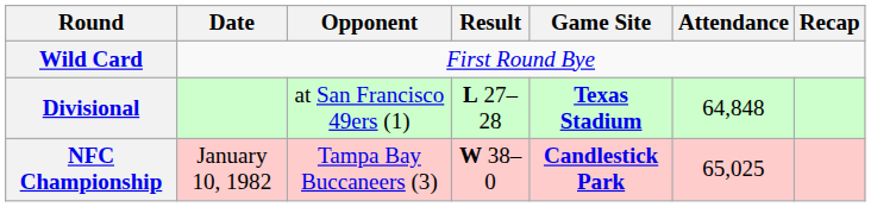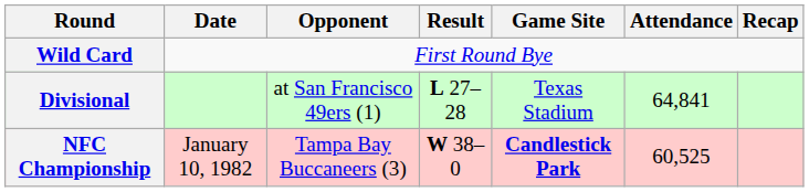 <table class="wikitable" style="text-align:center">
 <tr>
 <th>Round</th>
 <th>Date</th>
 <th>Opponent</th>
 <th>Result</th>
 <th>Game Site</th>
 <th>Attendance</th>
 <th>Recap</th>
 </tr>
 <tr>
 <th><a href='#'>Wild Card</a></th>
 <td colspan=7><em><a href='#'>First Round Bye</a></em></td>
 </tr>
 <tr style="background: #cfc">
 <th><a href='#'>Divisional</a></th>
 <td></td>
 <td>at <a href='#'>San Francisco 49ers</a> (1)</td>
 <td><strong>L</strong> 27–28</td>
-<td><strong><a href='#'>Texas Stadium</a></strong></td>
-<td>64,848</td>
+<td><a href='#'>Texas Stadium</a></td>
+<td>64,841</td>
 <td></td>
 </tr>
 <tr style="background: #fcc">
 <th><a href='#'>NFC Championship</a></th>
 <td>January 10, 1982</td>
 <td><a href='#'>Tampa Bay Buccaneers</a> (3)</td>
 <td><strong>W</strong> 38–0</td>
 <td><strong><a href='#'>Candlestick Park</a></strong></td>
-<td>65,025</td>
+<td>60,525</td>
 <td></td>
 </tr>
 </table>
